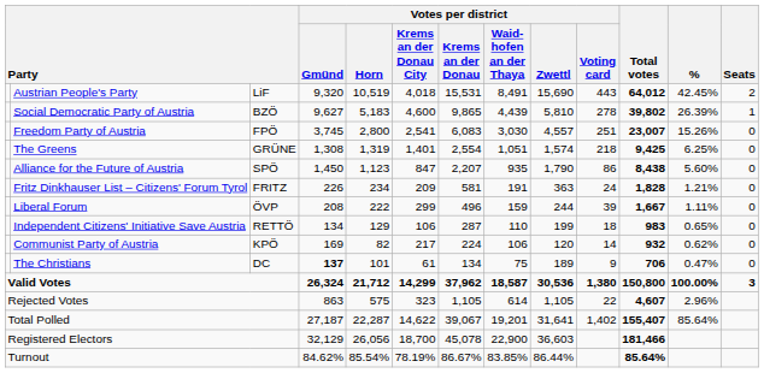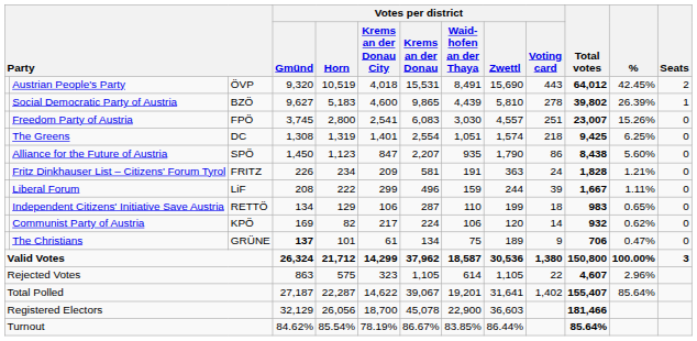 <table class="wikitable" border="1" style="text-align:right;">
 <tr>
 <th style="text-align:left;" valign=bottom rowspan=2 colspan=3>Party</th>
 <th colspan=7>Votes per district</th>
 <th align=center valign=bottom rowspan=2 width="50">Total<br>votes</th>
 <th align=center valign=bottom rowspan=2 width="50">%</th>
 <th align=center valign=bottom rowspan=2>Seats</th>
 </tr>
 <tr>
 <th align=center valign=bottom width="50"><a href='#'>Gmünd</a></th>
 <th align=center valign=bottom width="50"><a href='#'>Horn</a></th>
 <th align=center valign=bottom width="50"><a href='#'>Krems<br>an der<br>Donau<br>City</a></th>
 <th align=center valign=bottom width="50"><a href='#'>Krems<br>an der<br>Donau</a></th>
 <th align=center valign=bottom width="50"><a href='#'>Waid-<br>hofen<br>an der<br>Thaya</a></th>
 <th align=center valign=bottom width="50"><a href='#'>Zwettl</a></th>
 <th align=center valign=bottom width="50"><a href='#'>Voting<br>card</a></th>
 </tr>
 <tr>
 <td></td>
 <td align=left><a href='#'>Austrian People's Party</a></td>
-<td align=left>LiF</td>
+<td align=left>ÖVP</td>
 <td>9,320</td>
 <td>10,519</td>
 <td>4,018</td>
 <td>15,531</td>
 <td>8,491</td>
 <td>15,690</td>
 <td>443</td>
 <td><strong>64,012</strong></td>
 <td>42.45%</td>
 <td>2</td>
 </tr>
 <tr>
 <td></td>
 <td align=left style="white-space: nowrap;"><a href='#'>Social Democratic Party of Austria</a></td>
 <td align=left>BZÖ</td>
 <td>9,627</td>
 <td>5,183</td>
 <td>4,600</td>
 <td>9,865</td>
 <td>4,439</td>
 <td>5,810</td>
 <td>278</td>
 <td><strong>39,802</strong></td>
 <td>26.39%</td>
 <td>1</td>
 </tr>
 <tr>
 <td></td>
 <td align=left><a href='#'>Freedom Party of Austria</a></td>
 <td align=left>FPÖ</td>
 <td>3,745</td>
 <td>2,800</td>
 <td>2,541</td>
 <td>6,083</td>
 <td>3,030</td>
 <td>4,557</td>
 <td>251</td>
 <td><strong>23,007</strong></td>
 <td>15.26%</td>
 <td>0</td>
 </tr>
 <tr>
 <td></td>
 <td align=left><a href='#'>The Greens</a></td>
-<td align=left>GRÜNE</td>
+<td align=left>DC</td>
 <td>1,308</td>
 <td>1,319</td>
 <td>1,401</td>
 <td>2,554</td>
 <td>1,051</td>
 <td>1,574</td>
 <td>218</td>
 <td><strong>9,425</strong></td>
 <td>6.25%</td>
 <td>0</td>
 </tr>
 <tr>
 <td></td>
 <td align=left><a href='#'>Alliance for the Future of Austria</a></td>
 <td align=left>SPÖ</td>
 <td>1,450</td>
 <td>1,123</td>
 <td>847</td>
 <td>2,207</td>
 <td>935</td>
 <td>1,790</td>
 <td>86</td>
 <td><strong>8,438</strong></td>
 <td>5.60%</td>
 <td>0</td>
 </tr>
 <tr>
 <td></td>
 <td align=left><a href='#'>Fritz Dinkhauser List – Citizens' Forum Tyrol </a></td>
 <td align=left>FRITZ</td>
 <td>226</td>
 <td>234</td>
 <td>209</td>
 <td>581</td>
 <td>191</td>
 <td>363</td>
 <td>24</td>
 <td><strong>1,828</strong></td>
 <td>1.21%</td>
 <td>0</td>
 </tr>
 <tr>
 <td></td>
 <td align=left><a href='#'>Liberal Forum</a></td>
-<td align=left>ÖVP</td>
+<td align=left>LiF</td>
 <td>208</td>
 <td>222</td>
 <td>299</td>
 <td>496</td>
 <td>159</td>
 <td>244</td>
 <td>39</td>
 <td><strong>1,667</strong></td>
 <td>1.11%</td>
 <td>0</td>
 </tr>
 <tr>
 <td></td>
 <td align=left><a href='#'>Independent Citizens' Initiative Save Austria</a></td>
 <td align=left>RETTÖ</td>
 <td>134</td>
 <td>129</td>
 <td>106</td>
 <td>287</td>
 <td>110</td>
 <td>199</td>
 <td>18</td>
 <td><strong>983</strong></td>
 <td>0.65%</td>
 <td>0</td>
 </tr>
 <tr>
 <td></td>
 <td align=left><a href='#'>Communist Party of Austria</a></td>
 <td align=left>KPÖ</td>
 <td>169</td>
 <td>82</td>
 <td>217</td>
 <td>224</td>
 <td>106</td>
 <td>120</td>
 <td>14</td>
 <td><strong>932</strong></td>
 <td>0.62%</td>
 <td>0</td>
 </tr>
 <tr>
 <td></td>
 <td align=left><a href='#'>The Christians</a></td>
-<td align=left>DC</td>
+<td align=left>GRÜNE</td>
 <td><strong>137</strong></td>
 <td>101</td>
 <td>61</td>
 <td>134</td>
 <td>75</td>
 <td>189</td>
 <td>9</td>
 <td><strong>706</strong></td>
 <td>0.47%</td>
 <td>0</td>
 </tr>
 <tr style="font-weight:bold">
 <td align=left colspan=3>Valid Votes</td>
 <td>26,324</td>
 <td>21,712</td>
 <td>14,299</td>
 <td>37,962</td>
 <td>18,587</td>
 <td>30,536</td>
 <td>1,380</td>
 <td>150,800</td>
 <td>100.00%</td>
 <td>3</td>
 </tr>
 <tr>
 <td align=left colspan=3>Rejected Votes</td>
 <td>863</td>
 <td>575</td>
 <td>323</td>
 <td>1,105</td>
 <td>614</td>
 <td>1,105</td>
 <td>22</td>
 <td><strong>4,607</strong></td>
 <td>2.96%</td>
 <td></td>
 </tr>
 <tr>
 <td align=left colspan=3>Total Polled</td>
 <td>27,187</td>
 <td>22,287</td>
 <td>14,622</td>
 <td>39,067</td>
 <td>19,201</td>
 <td>31,641</td>
 <td>1,402</td>
 <td><strong>155,407</strong></td>
 <td>85.64%</td>
 <td></td>
 </tr>
 <tr>
 <td align=left colspan=3>Registered Electors</td>
 <td>32,129</td>
 <td>26,056</td>
 <td>18,700</td>
 <td>45,078</td>
 <td>22,900</td>
 <td>36,603</td>
 <td></td>
 <td><strong>181,466</strong></td>
 <td></td>
 <td></td>
 </tr>
 <tr>
 <td align=left colspan=3>Turnout</td>
 <td>84.62%</td>
 <td>85.54%</td>
 <td>78.19%</td>
 <td>86.67%</td>
 <td>83.85%</td>
 <td>86.44%</td>
 <td></td>
 <td><strong>85.64%</strong></td>
 <td></td>
 <td></td>
 </tr>
 </table>
